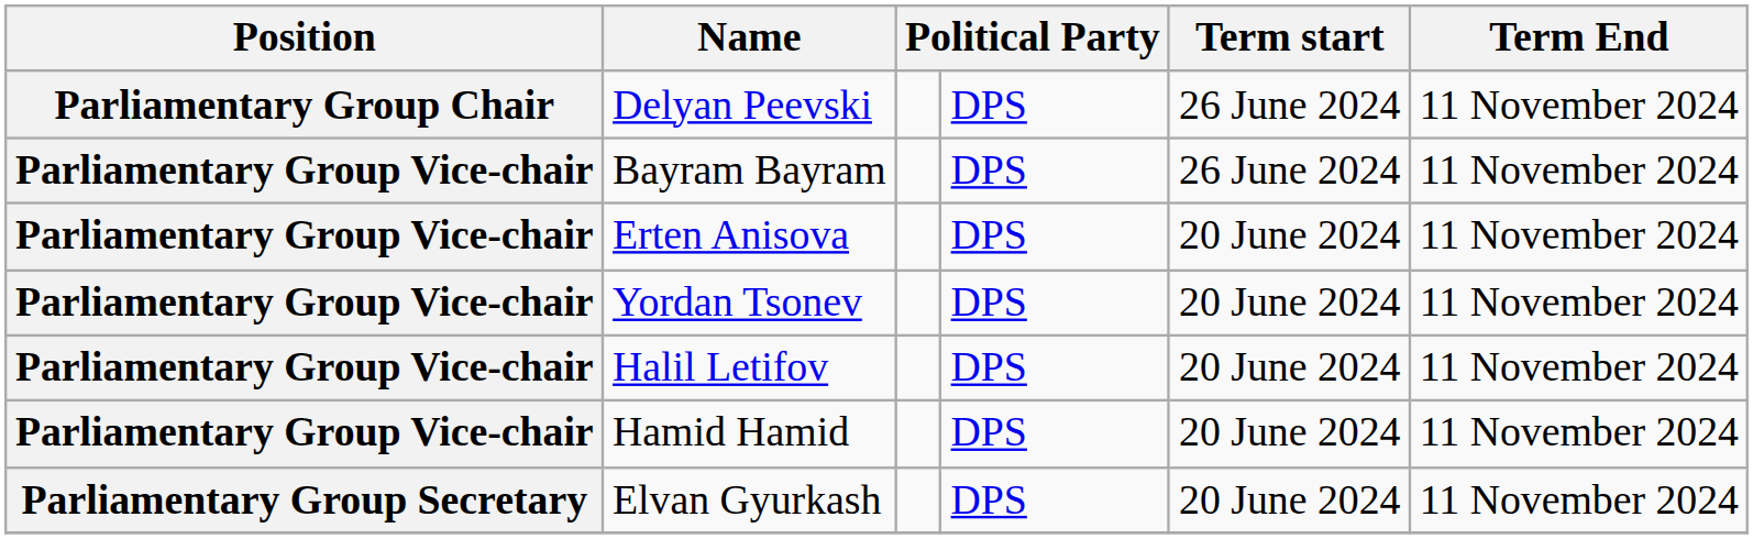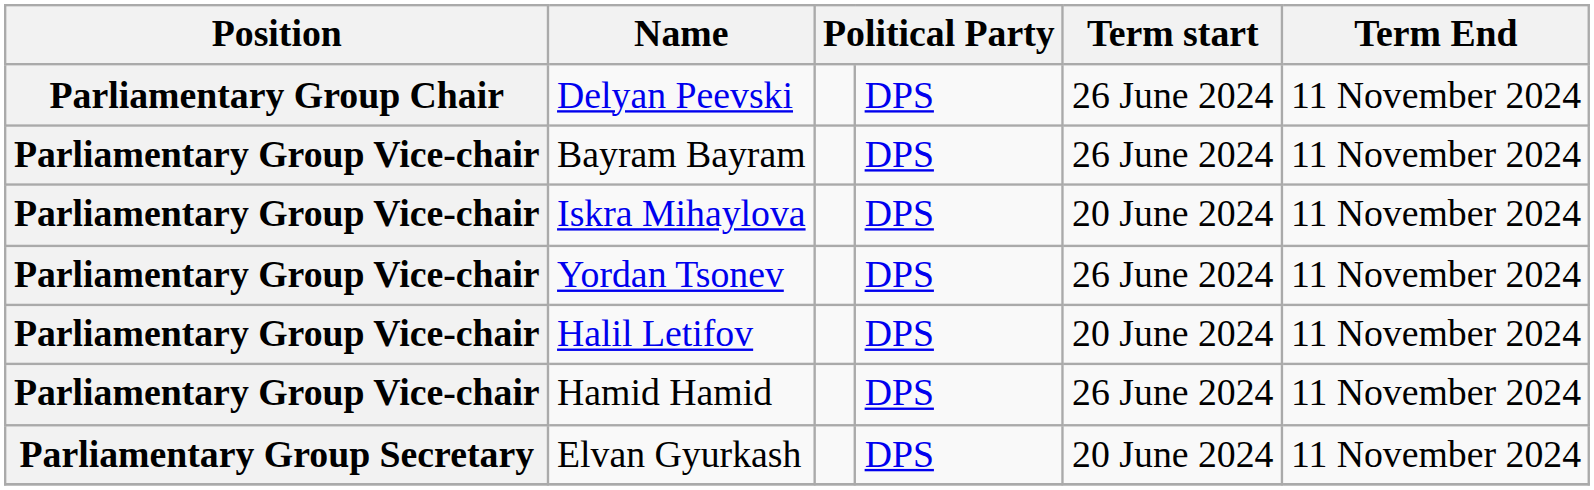 <table class="wikitable plainrowheaders">
 <tr>
 <th>Position</th>
 <th>Name</th>
 <th colspan="2">Political Party</th>
 <th>Term start</th>
 <th>Term End</th>
 </tr>
 <tr>
 <th>Parliamentary Group Chair</th>
 <td><a href='#'>Delyan Peevski</a></td>
 <td style="background:"></td>
 <td><a href='#'>DPS</a></td>
 <td>26 June 2024</td>
 <td>11 November 2024</td>
 </tr>
 <tr>
 <th>Parliamentary Group Vice-chair</th>
 <td>Bayram Bayram</td>
 <td style="background:"></td>
 <td><a href='#'>DPS</a></td>
 <td>26 June 2024</td>
 <td>11 November 2024</td>
 </tr>
 <tr>
 <th>Parliamentary Group Vice-chair</th>
-<td><a href='#'>Erten Anisova</a></td>
+<td><a href='#'>Iskra Mihaylova</a></td>
 <td style="background:"></td>
 <td><a href='#'>DPS</a></td>
 <td>20 June 2024</td>
 <td>11 November 2024</td>
 </tr>
 <tr>
 <th>Parliamentary Group Vice-chair</th>
 <td><a href='#'>Yordan Tsonev</a></td>
 <td style="background:"></td>
 <td><a href='#'>DPS</a></td>
-<td>20 June 2024</td>
+<td>26 June 2024</td>
 <td>11 November 2024</td>
 </tr>
 <tr>
 <th>Parliamentary Group Vice-chair</th>
 <td><a href='#'>Halil Letifov</a></td>
 <td style="background:"></td>
 <td><a href='#'>DPS</a></td>
 <td>20 June 2024</td>
 <td>11 November 2024</td>
 </tr>
 <tr>
 <th>Parliamentary Group Vice-chair</th>
 <td>Hamid Hamid</td>
 <td style="background:"></td>
 <td><a href='#'>DPS</a></td>
-<td>20 June 2024</td>
+<td>26 June 2024</td>
 <td>11 November 2024</td>
 </tr>
 <tr>
 <th>Parliamentary Group Secretary</th>
 <td>Elvan Gyurkash</td>
 <td style="background:"></td>
 <td><a href='#'>DPS</a></td>
 <td>20 June 2024</td>
 <td>11 November 2024</td>
 </tr>
 <tr>
 </tr>
 </table>
